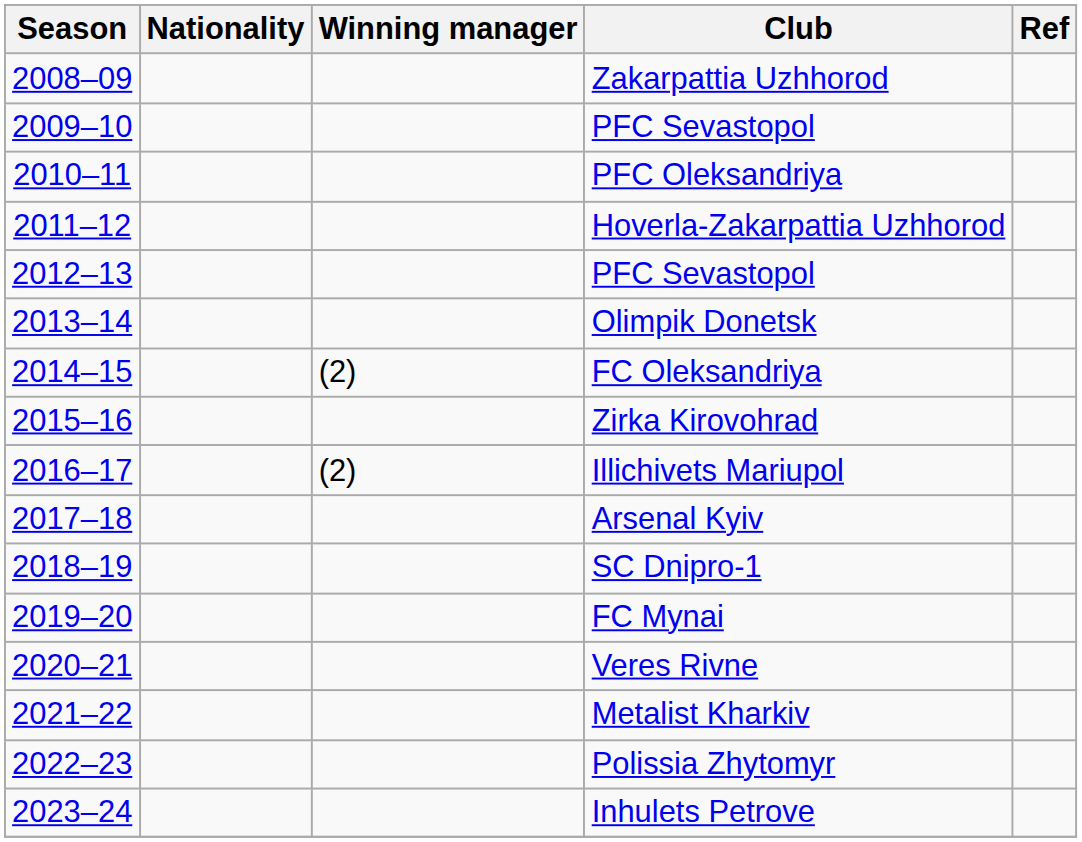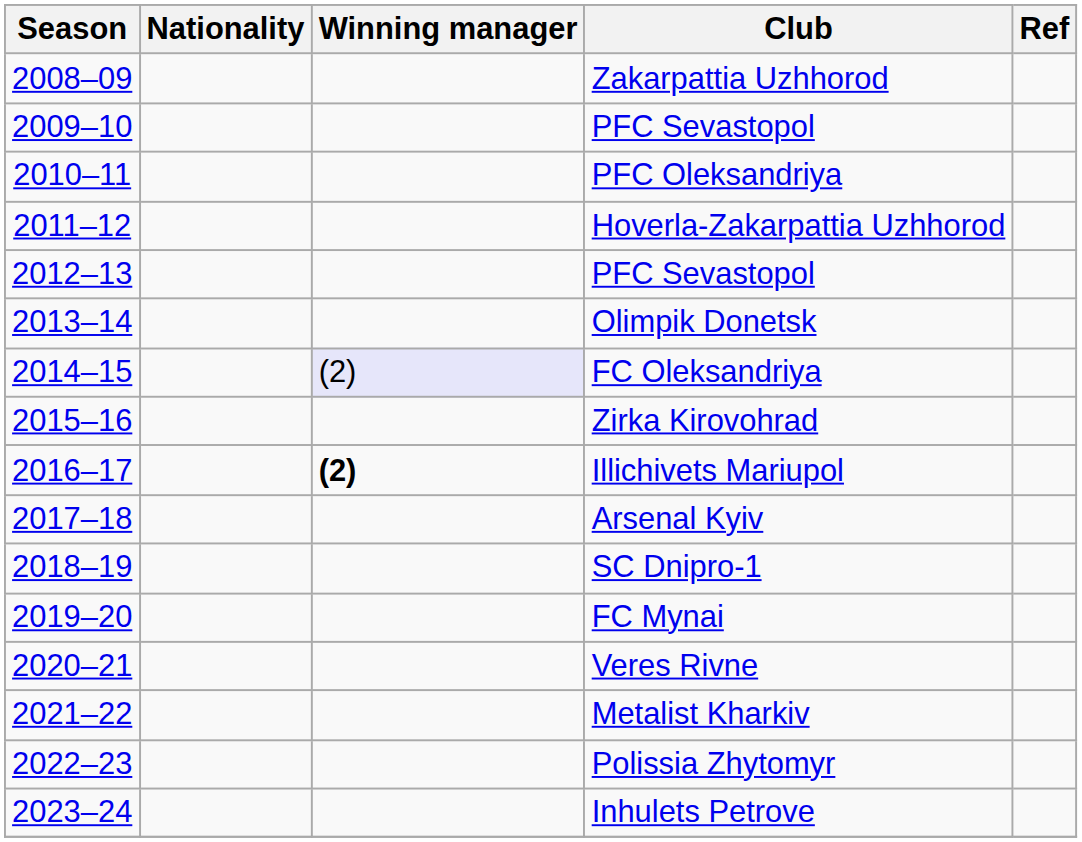 <table class="sortable wikitable">
 <tr>
 <th>Season</th>
 <th>Nationality</th>
 <th>Winning manager</th>
 <th>Club</th>
 <th class="unsortable">Ref</th>
 </tr>
 <tr>
 <td align=center><a href='#'>2008–09</a></td>
 <td align=center></td>
 <td></td>
 <td><a href='#'>Zakarpattia Uzhhorod</a></td>
 <td align=center></td>
 </tr>
 <tr>
 <td align=center><a href='#'>2009–10</a></td>
 <td align=center></td>
 <td></td>
 <td><a href='#'>PFC Sevastopol</a></td>
 <td align=center></td>
 </tr>
 <tr>
 <td align=center><a href='#'>2010–11</a></td>
 <td align=center></td>
 <td></td>
 <td><a href='#'>PFC Oleksandriya</a></td>
 <td align=center></td>
 </tr>
 <tr>
 <td align=center><a href='#'>2011–12</a></td>
 <td align=center></td>
 <td></td>
 <td><a href='#'>Hoverla-Zakarpattia Uzhhorod</a></td>
 <td align=center></td>
 </tr>
 <tr>
 <td align=center><a href='#'>2012–13</a></td>
 <td align=center></td>
 <td></td>
 <td><a href='#'>PFC Sevastopol</a></td>
 <td align=center></td>
 </tr>
 <tr>
 <td align=center><a href='#'>2013–14</a></td>
 <td align=center></td>
 <td></td>
 <td><a href='#'>Olimpik Donetsk</a></td>
 <td align=center></td>
 </tr>
 <tr>
 <td align=center><a href='#'>2014–15</a></td>
 <td align=center></td>
-<td> (2)</td>
+<td style="background: lavender;"> (2)</td>
 <td><a href='#'>FC Oleksandriya</a></td>
 <td align=center></td>
 </tr>
 <tr>
 <td align=center><a href='#'>2015–16</a></td>
 <td align=center></td>
 <td></td>
 <td><a href='#'>Zirka Kirovohrad</a></td>
 <td align=center></td>
 </tr>
 <tr>
 <td align=center><a href='#'>2016–17</a></td>
 <td align=center></td>
-<td> (2)</td>
+<td><strong> (2)</strong></td>
 <td><a href='#'>Illichivets Mariupol</a></td>
 <td align=center></td>
 </tr>
 <tr>
 <td align=center><a href='#'>2017–18</a></td>
 <td align=center></td>
 <td></td>
 <td><a href='#'>Arsenal Kyiv</a></td>
 <td align=center></td>
 </tr>
 <tr>
 <td align=center><a href='#'>2018–19</a></td>
 <td align=center></td>
 <td></td>
 <td><a href='#'>SC Dnipro-1</a></td>
 <td align=center></td>
 </tr>
 <tr>
 <td align=center><a href='#'>2019–20</a></td>
 <td align=center></td>
 <td></td>
 <td><a href='#'>FC Mynai</a></td>
 <td align=center></td>
 </tr>
 <tr>
 <td align=center><a href='#'>2020–21</a></td>
 <td align=center></td>
 <td></td>
 <td><a href='#'>Veres Rivne</a></td>
 <td align=center></td>
 </tr>
 <tr>
 <td align=center><a href='#'>2021–22</a></td>
 <td align=center></td>
 <td></td>
 <td><a href='#'>Metalist Kharkiv</a></td>
 <td align=center></td>
 </tr>
 <tr>
 <td align=center><a href='#'>2022–23</a></td>
 <td align=center></td>
 <td></td>
 <td><a href='#'>Polissia Zhytomyr</a></td>
 <td align=center></td>
 </tr>
 <tr>
 <td align=center><a href='#'>2023–24</a></td>
 <td align=center></td>
 <td></td>
 <td><a href='#'>Inhulets Petrove</a></td>
 <td align=center></td>
 </tr>
 <tr>
 </tr>
 </table>
